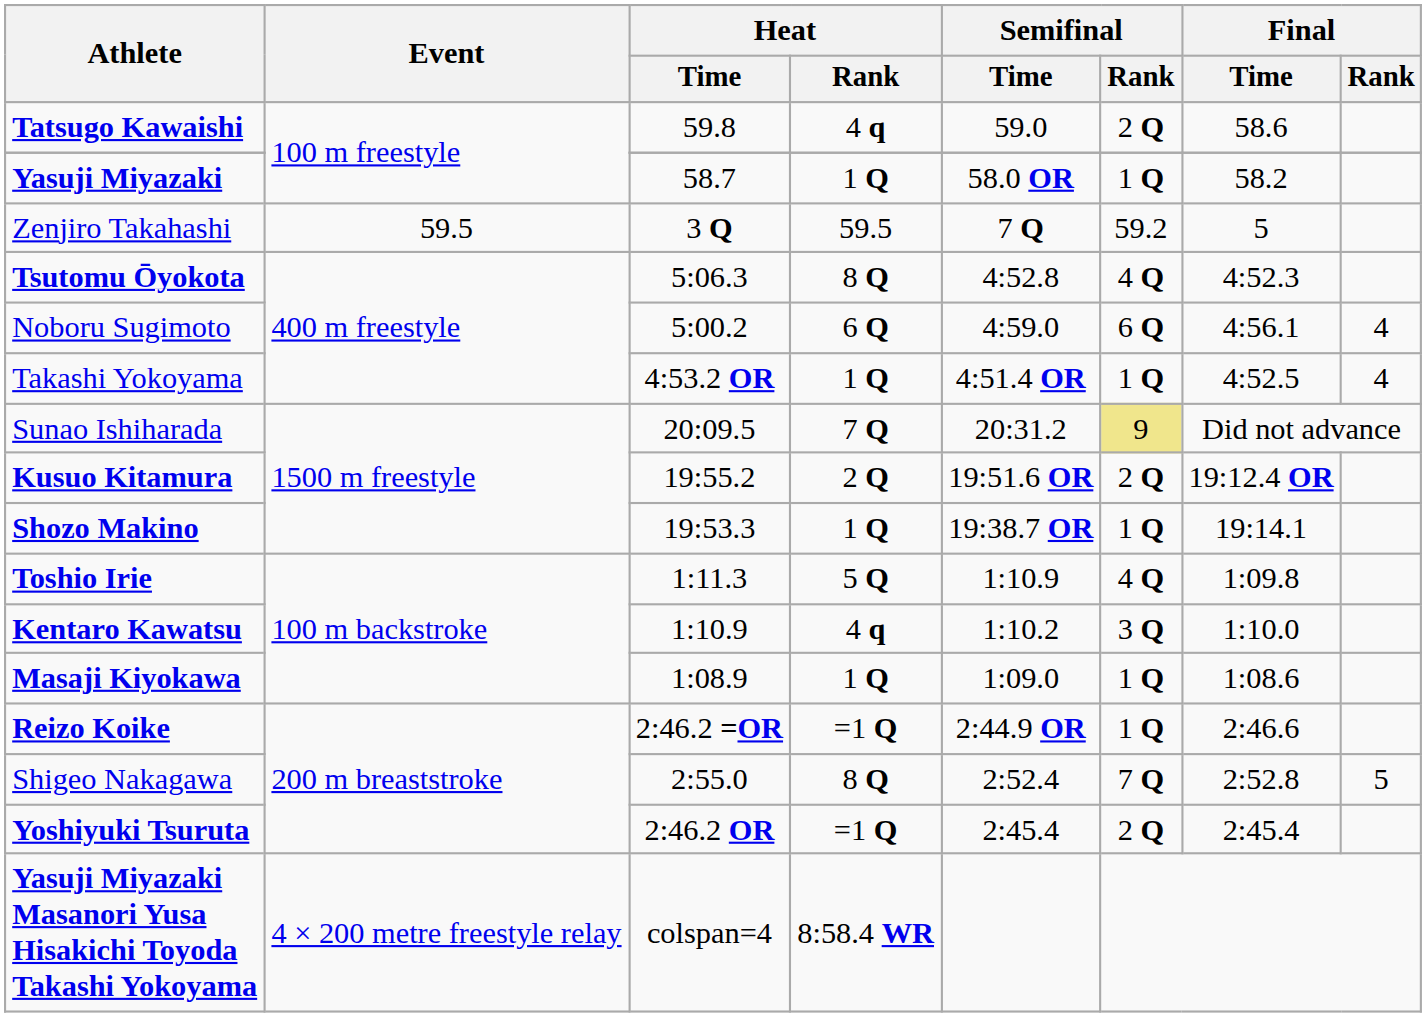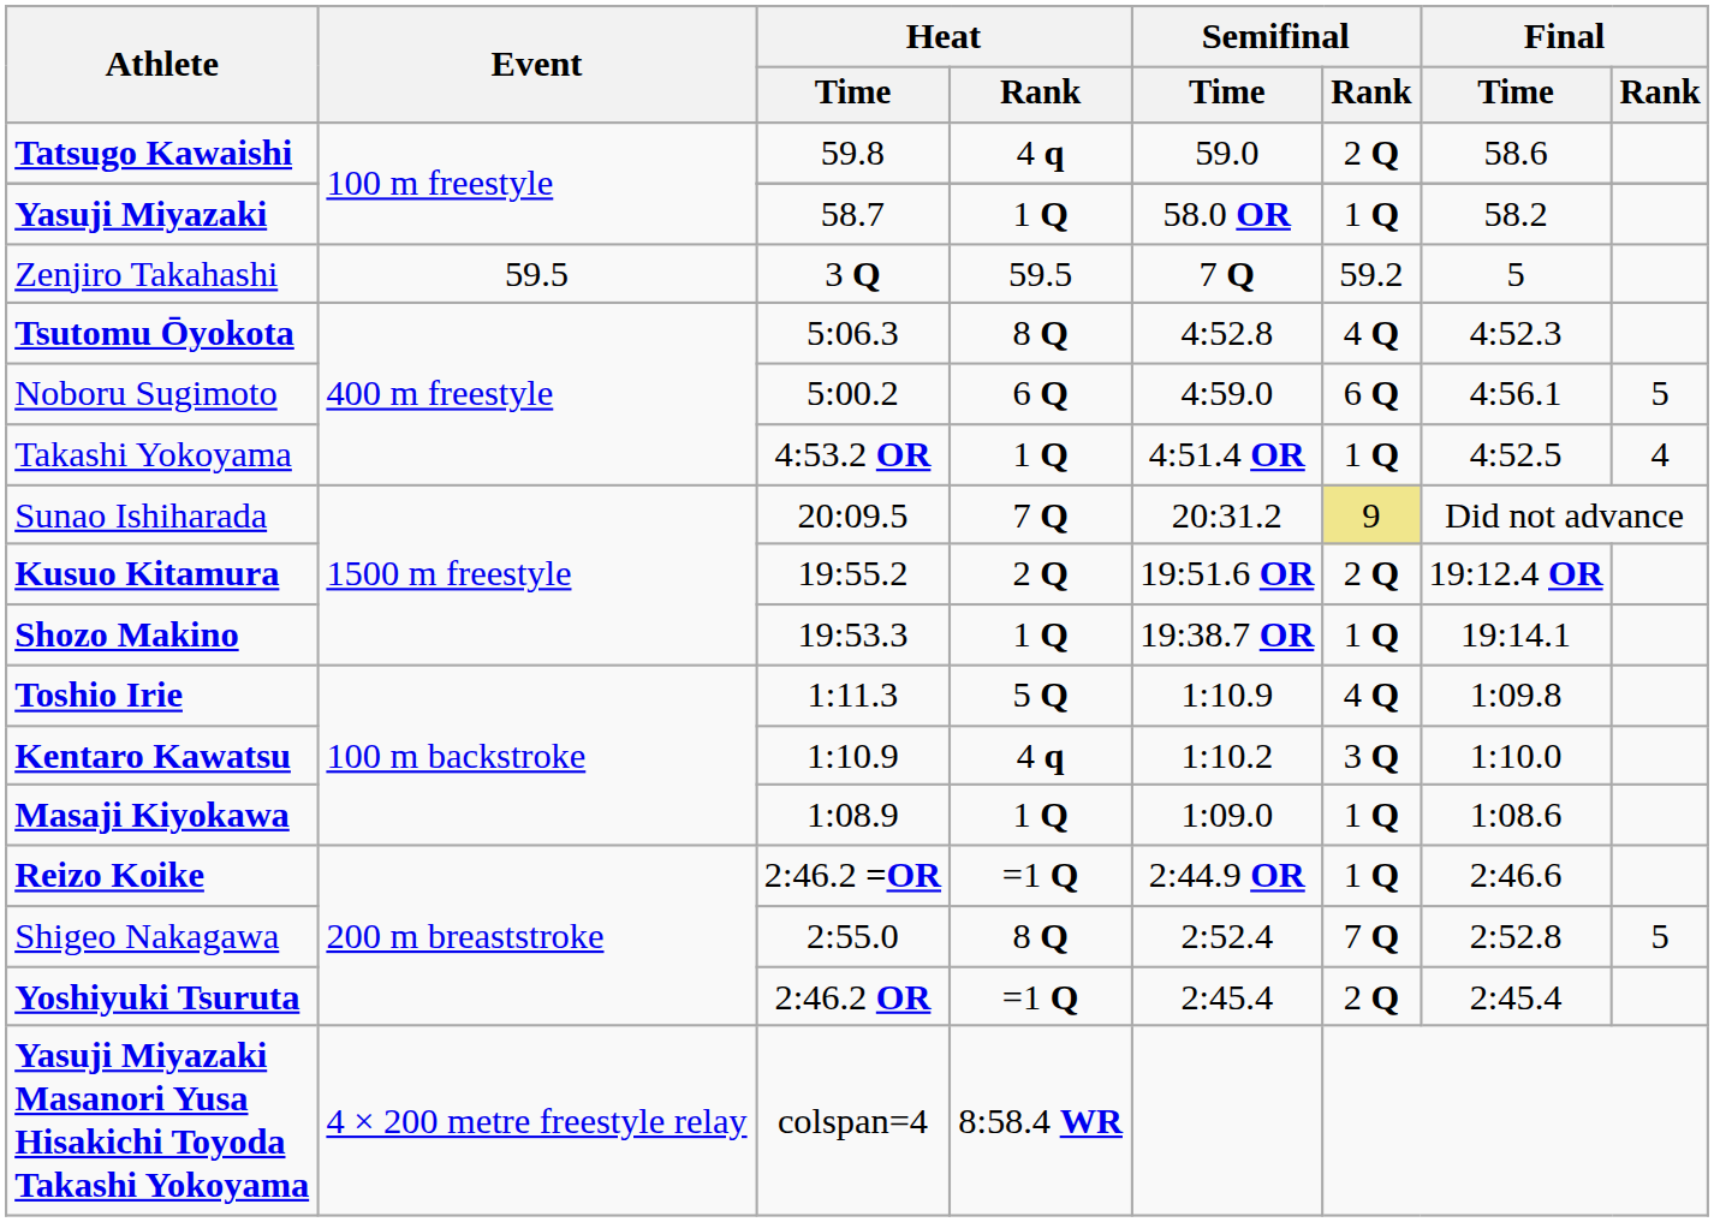 <table class=wikitable style="font-size:90%;">
 <tr>
 <th rowspan=2>Athlete</th>
 <th rowspan=2>Event</th>
 <th colspan=2>Heat</th>
 <th colspan=2>Semifinal</th>
 <th colspan=2>Final</th>
 </tr>
 <tr style="font-size:95%">
 <th>Time</th>
 <th>Rank</th>
 <th>Time</th>
 <th>Rank</th>
 <th>Time</th>
 <th>Rank</th>
 </tr>
 <tr align=center>
 <td align=left><strong><a href='#'>Tatsugo Kawaishi</a></strong></td>
 <td rowspan=3 align=left><a href='#'>100 m freestyle</a></td>
 <td>59.8</td>
 <td>4 <strong>q</strong></td>
 <td>59.0</td>
 <td>2 <strong>Q</strong></td>
 <td>58.6</td>
 <td></td>
 </tr>
 <tr>
 </tr>
 <tr align=center>
 <td align=left><strong><a href='#'>Yasuji Miyazaki</a></strong></td>
 <td>58.7</td>
 <td>1 <strong>Q</strong></td>
 <td>58.0 <strong><a href='#'>OR</a></strong></td>
 <td>1 <strong>Q</strong></td>
 <td>58.2</td>
 <td></td>
 </tr>
 <tr align=center>
 <td align=left><a href='#'>Zenjiro Takahashi</a></td>
 <td>59.5</td>
 <td>3 <strong>Q</strong></td>
 <td>59.5</td>
 <td>7 <strong>Q</strong></td>
 <td>59.2</td>
 <td>5</td>
 </tr>
 <tr align=center>
 <td align=left><strong><a href='#'>Tsutomu Ōyokota</a></strong></td>
 <td rowspan=3 align=left><a href='#'>400 m freestyle</a></td>
 <td>5:06.3</td>
 <td>8 <strong>Q</strong></td>
 <td>4:52.8</td>
 <td>4 <strong>Q</strong></td>
 <td>4:52.3</td>
 <td></td>
 </tr>
 <tr align=center>
 <td align=left><a href='#'>Noboru Sugimoto</a></td>
 <td>5:00.2</td>
 <td>6 <strong>Q</strong></td>
 <td>4:59.0</td>
 <td>6 <strong>Q</strong></td>
 <td>4:56.1</td>
-<td>4</td>
+<td>5</td>
 </tr>
 <tr align=center>
 <td align=left><a href='#'>Takashi Yokoyama</a></td>
 <td>4:53.2 <strong><a href='#'>OR</a></strong></td>
 <td>1 <strong>Q</strong></td>
 <td>4:51.4 <strong><a href='#'>OR</a></strong></td>
 <td>1 <strong>Q</strong></td>
 <td>4:52.5</td>
 <td>4</td>
 </tr>
 <tr align=center>
 <td align=left><a href='#'>Sunao Ishiharada</a></td>
 <td rowspan=3 align=left><a href='#'>1500 m freestyle</a></td>
 <td>20:09.5</td>
 <td>7 <strong>Q</strong></td>
 <td>20:31.2</td>
 <td style="background: khaki;">9</td>
 <td colspan=2>Did not advance</td>
 </tr>
 <tr align=center>
 <td align=left><strong><a href='#'>Kusuo Kitamura</a></strong></td>
 <td>19:55.2</td>
 <td>2 <strong>Q</strong></td>
 <td>19:51.6 <strong><a href='#'>OR</a></strong></td>
 <td>2 <strong>Q</strong></td>
 <td>19:12.4 <strong><a href='#'>OR</a></strong></td>
 <td></td>
 </tr>
 <tr align=center>
 <td align=left><strong><a href='#'>Shozo Makino</a></strong></td>
 <td>19:53.3</td>
 <td>1 <strong>Q</strong></td>
 <td>19:38.7 <strong><a href='#'>OR</a></strong></td>
 <td>1 <strong>Q</strong></td>
 <td>19:14.1</td>
 <td></td>
 </tr>
 <tr align=center>
 <td align=left><strong><a href='#'>Toshio Irie</a></strong></td>
 <td rowspan=3 align=left><a href='#'>100 m backstroke</a></td>
 <td>1:11.3</td>
 <td>5 <strong>Q</strong></td>
 <td>1:10.9</td>
 <td>4 <strong>Q</strong></td>
 <td>1:09.8</td>
 <td></td>
 </tr>
 <tr align=center>
 <td align=left><strong><a href='#'>Kentaro Kawatsu</a></strong></td>
 <td>1:10.9</td>
 <td>4 <strong>q</strong></td>
 <td>1:10.2</td>
 <td>3 <strong>Q</strong></td>
 <td>1:10.0</td>
 <td></td>
 </tr>
 <tr align=center>
 <td align=left><strong><a href='#'>Masaji Kiyokawa</a></strong></td>
 <td>1:08.9</td>
 <td>1 <strong>Q</strong></td>
 <td>1:09.0</td>
 <td>1 <strong>Q</strong></td>
 <td>1:08.6</td>
 <td></td>
 </tr>
 <tr align=center>
 <td align=left><strong><a href='#'>Reizo Koike</a></strong></td>
 <td rowspan=3 align=left><a href='#'>200 m breaststroke</a></td>
 <td>2:46.2 <strong>=<a href='#'>OR</a></strong></td>
 <td>=1 <strong>Q</strong></td>
 <td>2:44.9 <strong><a href='#'>OR</a></strong></td>
 <td>1 <strong>Q</strong></td>
 <td>2:46.6</td>
 <td></td>
 </tr>
 <tr align=center>
 <td align=left><a href='#'>Shigeo Nakagawa</a></td>
 <td>2:55.0</td>
 <td>8 <strong>Q</strong></td>
 <td>2:52.4</td>
 <td>7 <strong>Q</strong></td>
 <td>2:52.8</td>
 <td>5</td>
 </tr>
 <tr align=center>
 <td align=left><strong><a href='#'>Yoshiyuki Tsuruta</a></strong></td>
 <td>2:46.2 <strong><a href='#'>OR</a></strong></td>
 <td>=1 <strong>Q</strong></td>
 <td>2:45.4</td>
 <td>2 <strong>Q</strong></td>
 <td>2:45.4</td>
 <td></td>
 </tr>
 <tr align=center>
 <td align=left><strong><a href='#'>Yasuji Miyazaki</a><br><a href='#'>Masanori Yusa</a><br><a href='#'>Hisakichi Toyoda</a><br><a href='#'>Takashi Yokoyama</a></strong></td>
 <td align=left><a href='#'>4 × 200 metre freestyle relay</a></td>
 <td>colspan=4 </td>
 <td>8:58.4 <strong><a href='#'>WR</a></strong></td>
 <td></td>
 </tr>
 </table>
